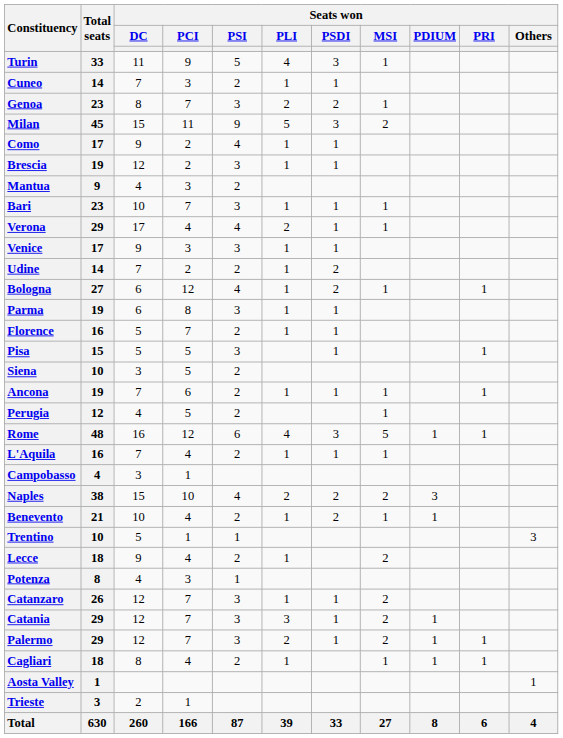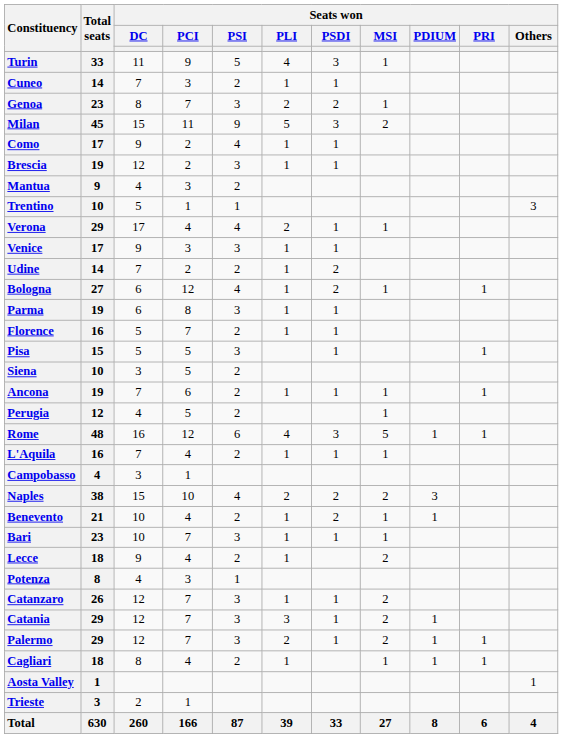 <table class="wikitable" style="text-align:center; font-size: 0.9em">
 <tr>
 <th rowspan="3">Constituency</th>
 <th rowspan="3">Total<br>seats</th>
 <th colspan="9">Seats won</th>
 </tr>
 <tr>
 <th class="unsortable" style="width:50px;"><a href='#'>DC</a></th>
 <th class="unsortable" style="width:50px;"><a href='#'>PCI</a></th>
 <th class="unsortable" style="width:50px;"><a href='#'>PSI</a></th>
 <th class="unsortable" style="width:50px;"><a href='#'>PLI</a></th>
 <th class="unsortable" style="width:50px;"><a href='#'>PSDI</a></th>
 <th class="unsortable" style="width:50px;"><a href='#'>MSI</a></th>
 <th class="unsortable" style="width:50px;"><a href='#'>PDIUM</a></th>
 <th class="unsortable" style="width:50px;"><a href='#'>PRI</a></th>
 <th class="unsortable" style="width:50px;">Others</th>
 </tr>
 <tr>
 <th style="background:"></th>
 <th style="background:"></th>
 <th style="background:"></th>
 <th style="background:"></th>
 <th style="background:"></th>
 <th style="background:"></th>
 <th style="background:"></th>
 <th style="background:"></th>
 <th style="background:"></th>
 </tr>
 <tr>
 <th style="text-align: left;"><a href='#'>Turin</a></th>
 <th>33</th>
 <td>11</td>
 <td>9</td>
 <td>5</td>
 <td>4</td>
 <td>3</td>
 <td>1</td>
 <td></td>
 <td></td>
 <td></td>
 </tr>
 <tr>
 <th style="text-align: left;"><a href='#'>Cuneo</a></th>
 <th>14</th>
 <td>7</td>
 <td>3</td>
 <td>2</td>
 <td>1</td>
 <td>1</td>
 <td></td>
 <td></td>
 <td></td>
 <td></td>
 </tr>
 <tr>
 <th style="text-align: left;"><a href='#'>Genoa</a></th>
 <th>23</th>
 <td>8</td>
 <td>7</td>
 <td>3</td>
 <td>2</td>
 <td>2</td>
 <td>1</td>
 <td></td>
 <td></td>
 <td></td>
 </tr>
 <tr>
 <th style="text-align: left;"><a href='#'>Milan</a></th>
 <th>45</th>
 <td>15</td>
 <td>11</td>
 <td>9</td>
 <td>5</td>
 <td>3</td>
 <td>2</td>
 <td></td>
 <td></td>
 <td></td>
 </tr>
 <tr>
 <th style="text-align: left;"><a href='#'>Como</a></th>
 <th>17</th>
 <td>9</td>
 <td>2</td>
 <td>4</td>
 <td>1</td>
 <td>1</td>
 <td></td>
 <td></td>
 <td></td>
 <td></td>
 </tr>
 <tr>
 <th style="text-align: left;"><a href='#'>Brescia</a></th>
 <th>19</th>
 <td>12</td>
 <td>2</td>
 <td>3</td>
 <td>1</td>
 <td>1</td>
 <td></td>
 <td></td>
 <td></td>
 <td></td>
 </tr>
 <tr>
 <th style="text-align: left;"><a href='#'>Mantua</a></th>
 <th>9</th>
 <td>4</td>
 <td>3</td>
 <td>2</td>
 <td></td>
 <td></td>
 <td></td>
 <td></td>
 <td></td>
 <td></td>
 </tr>
 <tr>
-<th style="text-align: left;"><a href='#'>Bari</a></th>
-<th>23</th>
-<td>10</td>
-<td>7</td>
-<td>3</td>
-<td>1</td>
+<th style="text-align: left;"><a href='#'>Trentino</a></th>
+<th>10</th>
+<td>5</td>
 <td>1</td>
 <td>1</td>
 <td></td>
 <td></td>
 <td></td>
+<td></td>
+<td></td>
+<td>3</td>
 </tr>
 <tr>
 <th style="text-align: left;"><a href='#'>Verona</a></th>
 <th>29</th>
 <td>17</td>
 <td>4</td>
 <td>4</td>
 <td>2</td>
 <td>1</td>
 <td>1</td>
 <td></td>
 <td></td>
 <td></td>
 </tr>
 <tr>
 <th style="text-align: left;"><a href='#'>Venice</a></th>
 <th>17</th>
 <td>9</td>
 <td>3</td>
 <td>3</td>
 <td>1</td>
 <td>1</td>
 <td></td>
 <td></td>
 <td></td>
 <td></td>
 </tr>
 <tr>
 <th style="text-align: left;"><a href='#'>Udine</a></th>
 <th>14</th>
 <td>7</td>
 <td>2</td>
 <td>2</td>
 <td>1</td>
 <td>2</td>
 <td></td>
 <td></td>
 <td></td>
 <td></td>
 </tr>
 <tr>
 <th style="text-align: left;"><a href='#'>Bologna</a></th>
 <th>27</th>
 <td>6</td>
 <td>12</td>
 <td>4</td>
 <td>1</td>
 <td>2</td>
 <td>1</td>
 <td></td>
 <td>1</td>
 <td></td>
 </tr>
 <tr>
 <th style="text-align: left;"><a href='#'>Parma</a></th>
 <th>19</th>
 <td>6</td>
 <td>8</td>
 <td>3</td>
 <td>1</td>
 <td>1</td>
 <td></td>
 <td></td>
 <td></td>
 <td></td>
 </tr>
 <tr>
 <th style="text-align: left;"><a href='#'>Florence</a></th>
 <th>16</th>
 <td>5</td>
 <td>7</td>
 <td>2</td>
 <td>1</td>
 <td>1</td>
 <td></td>
 <td></td>
 <td></td>
 <td></td>
 </tr>
 <tr>
 <th style="text-align: left;"><a href='#'>Pisa</a></th>
 <th>15</th>
 <td>5</td>
 <td>5</td>
 <td>3</td>
 <td></td>
 <td>1</td>
 <td></td>
 <td></td>
 <td>1</td>
 <td></td>
 </tr>
 <tr>
 <th style="text-align: left;"><a href='#'>Siena</a></th>
 <th>10</th>
 <td>3</td>
 <td>5</td>
 <td>2</td>
 <td></td>
 <td></td>
 <td></td>
 <td></td>
 <td></td>
 <td></td>
 </tr>
 <tr>
 <th style="text-align: left;"><a href='#'>Ancona</a></th>
 <th>19</th>
 <td>7</td>
 <td>6</td>
 <td>2</td>
 <td>1</td>
 <td>1</td>
 <td>1</td>
 <td></td>
 <td>1</td>
 <td></td>
 </tr>
 <tr>
 <th style="text-align: left;"><a href='#'>Perugia</a></th>
 <th>12</th>
 <td>4</td>
 <td>5</td>
 <td>2</td>
 <td></td>
 <td></td>
 <td>1</td>
 <td></td>
 <td></td>
 <td></td>
 </tr>
 <tr>
 <th style="text-align: left;"><a href='#'>Rome</a></th>
 <th>48</th>
 <td>16</td>
 <td>12</td>
 <td>6</td>
 <td>4</td>
 <td>3</td>
 <td>5</td>
 <td>1</td>
 <td>1</td>
 <td></td>
 </tr>
 <tr>
 <th style="text-align: left;"><a href='#'>L'Aquila</a></th>
 <th>16</th>
 <td>7</td>
 <td>4</td>
 <td>2</td>
 <td>1</td>
 <td>1</td>
 <td>1</td>
 <td></td>
 <td></td>
 <td></td>
 </tr>
 <tr>
 <th style="text-align: left;"><a href='#'>Campobasso</a></th>
 <th>4</th>
 <td>3</td>
 <td>1</td>
 <td></td>
 <td></td>
 <td></td>
 <td></td>
 <td></td>
 <td></td>
 <td></td>
 </tr>
 <tr>
 <th style="text-align: left;"><a href='#'>Naples</a></th>
 <th>38</th>
 <td>15</td>
 <td>10</td>
 <td>4</td>
 <td>2</td>
 <td>2</td>
 <td>2</td>
 <td>3</td>
 <td></td>
 <td></td>
 </tr>
 <tr>
 <th style="text-align: left;"><a href='#'>Benevento</a></th>
 <th>21</th>
 <td>10</td>
 <td>4</td>
 <td>2</td>
 <td>1</td>
 <td>2</td>
 <td>1</td>
 <td>1</td>
 <td></td>
 <td></td>
 </tr>
 <tr>
-<th style="text-align: left;"><a href='#'>Trentino</a></th>
-<th>10</th>
-<td>5</td>
+<th style="text-align: left;"><a href='#'>Bari</a></th>
+<th>23</th>
+<td>10</td>
+<td>7</td>
+<td>3</td>
+<td>1</td>
 <td>1</td>
 <td>1</td>
 <td></td>
 <td></td>
 <td></td>
-<td></td>
-<td></td>
-<td>3</td>
 </tr>
 <tr>
 <th style="text-align: left;"><a href='#'>Lecce</a></th>
 <th>18</th>
 <td>9</td>
 <td>4</td>
 <td>2</td>
 <td>1</td>
 <td></td>
 <td>2</td>
 <td></td>
 <td></td>
 <td></td>
 </tr>
 <tr>
 <th style="text-align: left;"><a href='#'>Potenza</a></th>
 <th>8</th>
 <td>4</td>
 <td>3</td>
 <td>1</td>
 <td></td>
 <td></td>
 <td></td>
 <td></td>
 <td></td>
 <td></td>
 </tr>
 <tr>
 <th style="text-align: left;"><a href='#'>Catanzaro</a></th>
 <th>26</th>
 <td>12</td>
 <td>7</td>
 <td>3</td>
 <td>1</td>
 <td>1</td>
 <td>2</td>
 <td></td>
 <td></td>
 <td></td>
 </tr>
 <tr>
 <th style="text-align: left;"><a href='#'>Catania</a></th>
 <th>29</th>
 <td>12</td>
 <td>7</td>
 <td>3</td>
 <td>3</td>
 <td>1</td>
 <td>2</td>
 <td>1</td>
 <td></td>
 <td></td>
 </tr>
 <tr>
 <th style="text-align: left;"><a href='#'>Palermo</a></th>
 <th>29</th>
 <td>12</td>
 <td>7</td>
 <td>3</td>
 <td>2</td>
 <td>1</td>
 <td>2</td>
 <td>1</td>
 <td>1</td>
 <td></td>
 </tr>
 <tr>
 <th style="text-align: left;"><a href='#'>Cagliari</a></th>
 <th>18</th>
 <td>8</td>
 <td>4</td>
 <td>2</td>
 <td>1</td>
 <td></td>
 <td>1</td>
 <td>1</td>
 <td>1</td>
 <td></td>
 </tr>
 <tr>
 <th style="text-align: left;"><a href='#'>Aosta Valley</a></th>
 <th>1</th>
 <td></td>
 <td></td>
 <td></td>
 <td></td>
 <td></td>
 <td></td>
 <td></td>
 <td></td>
 <td>1</td>
 </tr>
 <tr>
 <th style="text-align: left;"><a href='#'>Trieste</a></th>
 <th>3</th>
 <td>2</td>
 <td>1</td>
 <td></td>
 <td></td>
 <td></td>
 <td></td>
 <td></td>
 <td></td>
 <td></td>
 </tr>
 <tr>
 <th style="text-align: left;">Total</th>
 <th>630</th>
 <th>260</th>
 <th>166</th>
 <th>87</th>
 <th>39</th>
 <th>33</th>
 <th>27</th>
 <th>8</th>
 <th>6</th>
 <th>4</th>
 </tr>
 </table>
